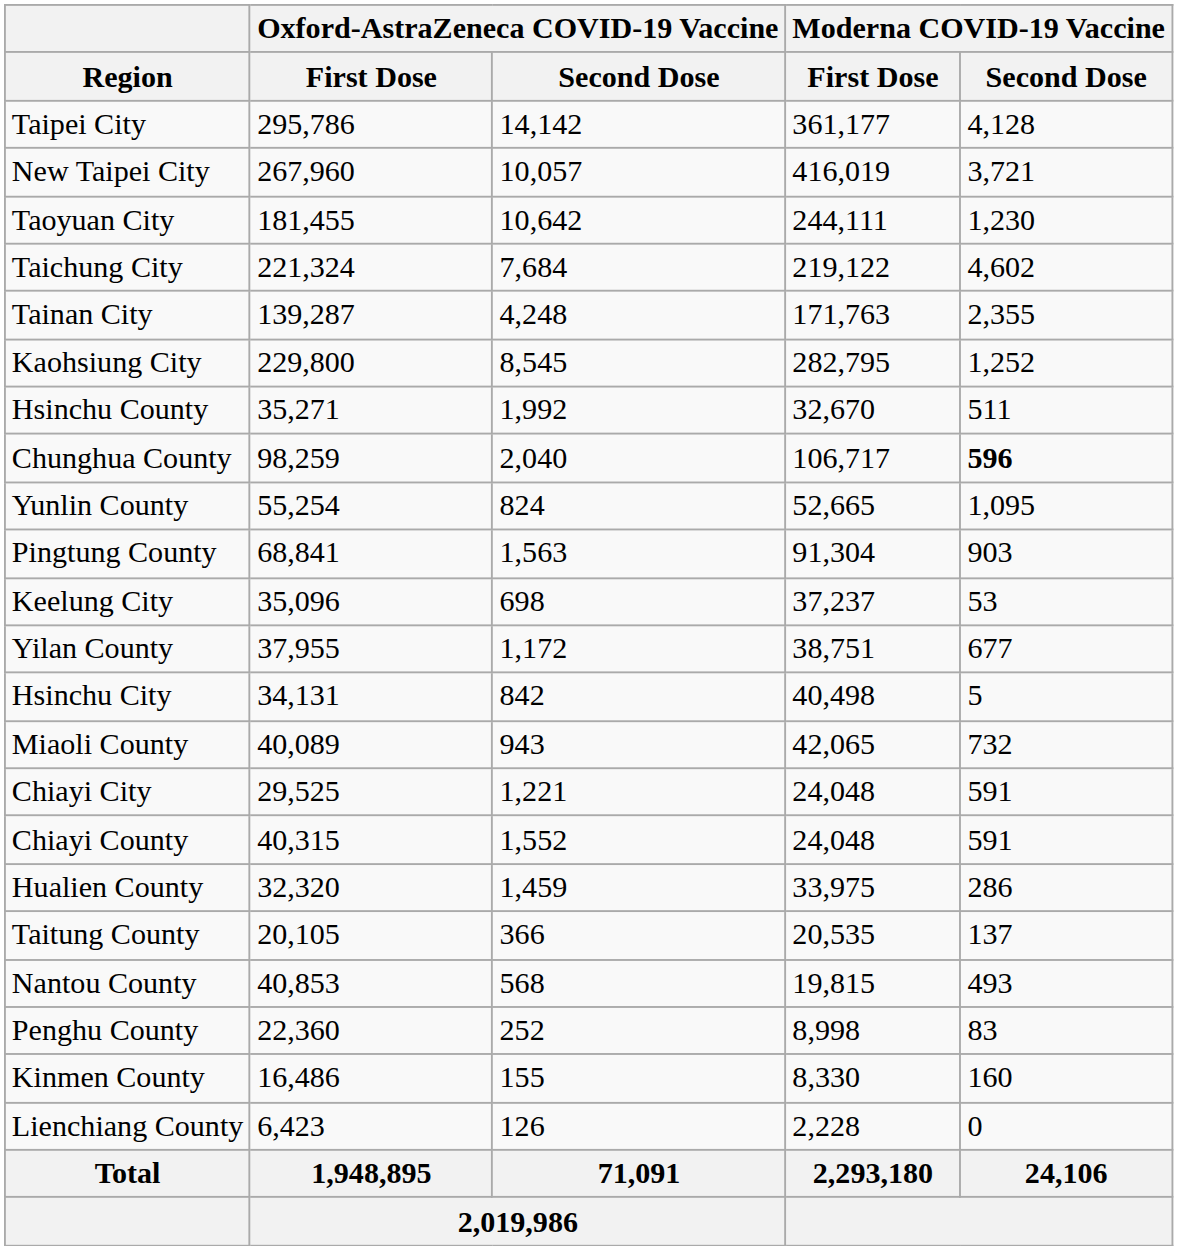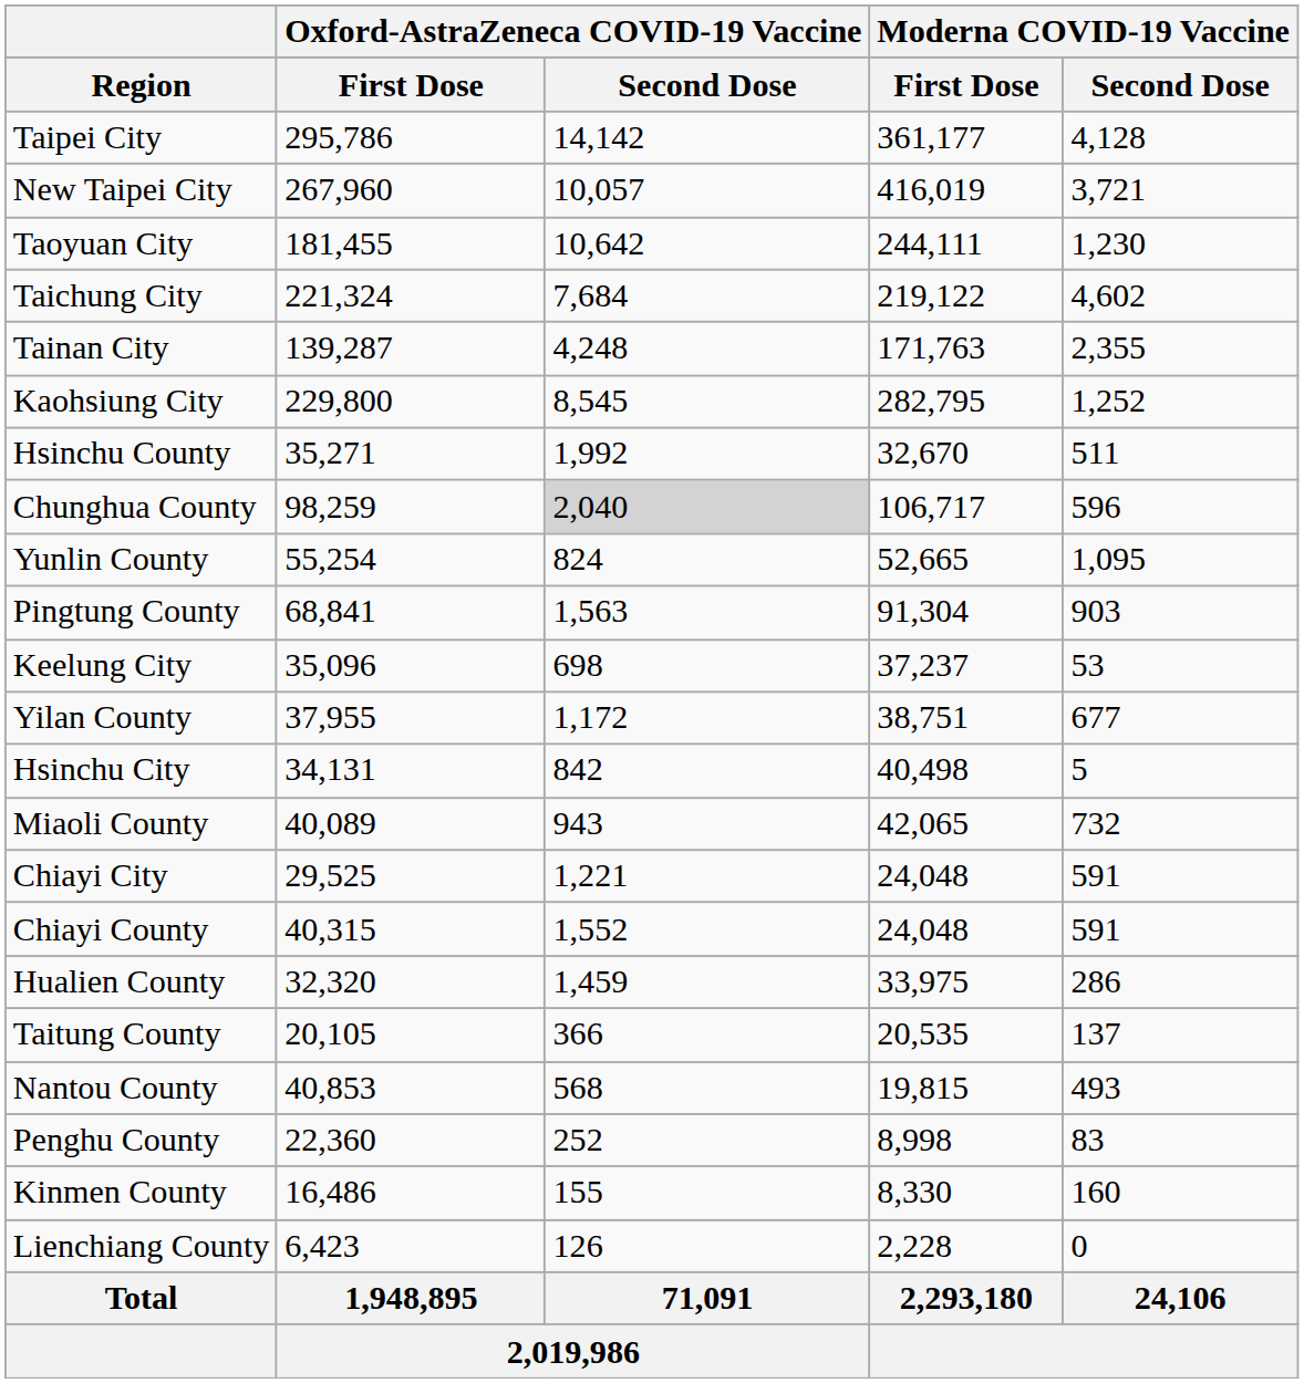 <table class="wikitable">
 <tr>
 <th></th>
 <th colspan="2">Oxford-AstraZeneca COVID-19 Vaccine</th>
 <th colspan="2">Moderna COVID-19 Vaccine</th>
 </tr>
 <tr>
 <th>Region</th>
 <th>First Dose</th>
 <th>Second Dose</th>
 <th>First Dose</th>
 <th>Second Dose</th>
 </tr>
 <tr>
 <td>Taipei City</td>
 <td>295,786</td>
 <td>14,142</td>
 <td>361,177</td>
 <td>4,128</td>
 </tr>
 <tr>
 <td>New Taipei City</td>
 <td>267,960</td>
 <td>10,057</td>
 <td>416,019</td>
 <td>3,721</td>
 </tr>
 <tr>
 <td>Taoyuan City</td>
 <td>181,455</td>
 <td>10,642</td>
 <td>244,111</td>
 <td>1,230</td>
 </tr>
 <tr>
 <td>Taichung City</td>
 <td>221,324</td>
 <td>7,684</td>
 <td>219,122</td>
 <td>4,602</td>
 </tr>
 <tr>
 <td>Tainan City</td>
 <td>139,287</td>
 <td>4,248</td>
 <td>171,763</td>
 <td>2,355</td>
 </tr>
 <tr>
 <td>Kaohsiung City</td>
 <td>229,800</td>
 <td>8,545</td>
 <td>282,795</td>
 <td>1,252</td>
 </tr>
 <tr>
 <td>Hsinchu County</td>
 <td>35,271</td>
 <td>1,992</td>
 <td>32,670</td>
 <td>511</td>
 </tr>
 <tr>
 <td>Chunghua County</td>
 <td>98,259</td>
-<td>2,040</td>
+<td style="background: lightgrey;">2,040</td>
 <td>106,717</td>
-<td><strong>596</strong></td>
+<td>596</td>
 </tr>
 <tr>
 <td>Yunlin County</td>
 <td>55,254</td>
 <td>824</td>
 <td>52,665</td>
 <td>1,095</td>
 </tr>
 <tr>
 <td>Pingtung County</td>
 <td>68,841</td>
 <td>1,563</td>
 <td>91,304</td>
 <td>903</td>
 </tr>
 <tr>
 <td>Keelung City</td>
 <td>35,096</td>
 <td>698</td>
 <td>37,237</td>
 <td>53</td>
 </tr>
 <tr>
 <td>Yilan County</td>
 <td>37,955</td>
 <td>1,172</td>
 <td>38,751</td>
 <td>677</td>
 </tr>
 <tr>
 <td>Hsinchu City</td>
 <td>34,131</td>
 <td>842</td>
 <td>40,498</td>
 <td>5</td>
 </tr>
 <tr>
 <td>Miaoli County</td>
 <td>40,089</td>
 <td>943</td>
 <td>42,065</td>
 <td>732</td>
 </tr>
 <tr>
 <td>Chiayi City</td>
 <td>29,525</td>
 <td>1,221</td>
 <td>24,048</td>
 <td>591</td>
 </tr>
 <tr>
 <td>Chiayi County</td>
 <td>40,315</td>
 <td>1,552</td>
 <td>24,048</td>
 <td>591</td>
 </tr>
 <tr>
 <td>Hualien County</td>
 <td>32,320</td>
 <td>1,459</td>
 <td>33,975</td>
 <td>286</td>
 </tr>
 <tr>
 <td>Taitung County</td>
 <td>20,105</td>
 <td>366</td>
 <td>20,535</td>
 <td>137</td>
 </tr>
 <tr>
 <td>Nantou County</td>
 <td>40,853</td>
 <td>568</td>
 <td>19,815</td>
 <td>493</td>
 </tr>
 <tr>
 <td>Penghu County</td>
 <td>22,360</td>
 <td>252</td>
 <td>8,998</td>
 <td>83</td>
 </tr>
 <tr>
 <td>Kinmen County</td>
 <td>16,486</td>
 <td>155</td>
 <td>8,330</td>
 <td>160</td>
 </tr>
 <tr>
 <td>Lienchiang County</td>
 <td>6,423</td>
 <td>126</td>
 <td>2,228</td>
 <td>0</td>
 </tr>
 <tr>
 <th>Total</th>
 <th>1,948,895</th>
 <th>71,091</th>
 <th>2,293,180</th>
 <th>24,106</th>
 </tr>
 <tr>
 <th></th>
 <th colspan="2">2,019,986</th>
 <th colspan="2"></th>
 </tr>
 </table>
